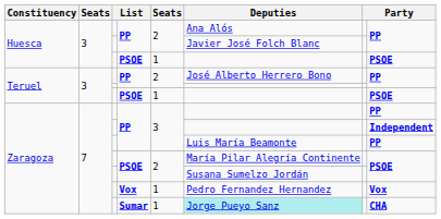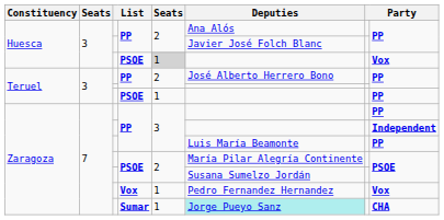 <table class="wikitable sortable">
 <tr>
 <th>Constituency</th>
 <th>Seats</th>
 <th colspan="2">List</th>
 <th>Seats</th>
 <th>Deputies</th>
 <th colspan="2">Party</th>
 </tr>
 <tr>
 <td rowspan="3"><a href='#'>Huesca</a></td>
 <td rowspan="3">3</td>
 <td></td>
 <td rowspan="2"><strong><a href='#'>PP</a></strong></td>
 <td rowspan="2">2</td>
 <td><a href='#'>Ana Alós</a></td>
 <td></td>
 <td rowspan="2"><strong><a href='#'>PP</a></strong></td>
 </tr>
 <tr>
 <td></td>
 <td><a href='#'>Javier José Folch Blanc</a></td>
 <td></td>
 </tr>
 <tr>
 <td></td>
 <td><strong><a href='#'>PSOE</a></strong></td>
-<td>1</td>
+<td style="background: lightgrey;">1</td>
 <td></td>
 <td></td>
-<td><strong><a href='#'>PSOE</a></strong></td>
+<td><strong><a href='#'>Vox</a></strong></td>
 </tr>
 <tr>
 <td rowspan="3"><a href='#'>Teruel</a></td>
 <td rowspan="3">3</td>
 <td></td>
 <td rowspan="2"><strong><a href='#'>PP</a></strong></td>
 <td rowspan="2">2</td>
 <td><a href='#'>José Alberto Herrero Bono</a></td>
 <td></td>
 <td rowspan="2"><strong><a href='#'>PP</a></strong></td>
 </tr>
 <tr>
 <td></td>
 <td></td>
 <td></td>
 </tr>
 <tr>
 <td></td>
 <td><strong><a href='#'>PSOE</a></strong></td>
 <td>1</td>
 <td></td>
 <td></td>
-<td><strong><a href='#'>PSOE</a></strong></td>
+<td><strong><a href='#'>PP</a></strong></td>
 </tr>
 <tr>
 <td rowspan="7"><a href='#'>Zaragoza</a></td>
 <td rowspan="7">7</td>
 <td></td>
 <td rowspan="3"><strong><a href='#'>PP</a></strong></td>
 <td rowspan="3">3</td>
 <td></td>
 <td></td>
 <td><strong><a href='#'>PP</a></strong></td>
 </tr>
 <tr>
 <td></td>
 <td></td>
 <td></td>
 <td><strong><a href='#'>Independent</a></strong></td>
 </tr>
 <tr>
 <td></td>
 <td><a href='#'>Luis María Beamonte</a></td>
 <td></td>
 <td><strong><a href='#'>PP</a></strong></td>
 </tr>
 <tr>
 <td></td>
 <td rowspan="2"><strong><a href='#'>PSOE</a></strong></td>
 <td rowspan="2">2</td>
 <td><a href='#'>María Pilar Alegría Continente</a></td>
 <td></td>
 <td rowspan="2"><strong><a href='#'>PSOE</a></strong></td>
 </tr>
 <tr>
 <td></td>
 <td><a href='#'>Susana Sumelzo Jordán</a></td>
 <td></td>
 </tr>
 <tr>
 <td></td>
 <td><strong><a href='#'>Vox</a></strong></td>
 <td>1</td>
 <td><a href='#'>Pedro Fernandez Hernandez</a></td>
 <td></td>
 <td><strong><a href='#'>Vox</a></strong></td>
 </tr>
 <tr>
 <td></td>
 <td><strong><a href='#'>Sumar</a></strong></td>
 <td>1</td>
 <td style="background: paleturquoise;"><a href='#'>Jorge Pueyo Sanz</a></td>
 <td></td>
 <td><a href='#'><strong>CHA</strong></a></td>
 </tr>
 </table>
